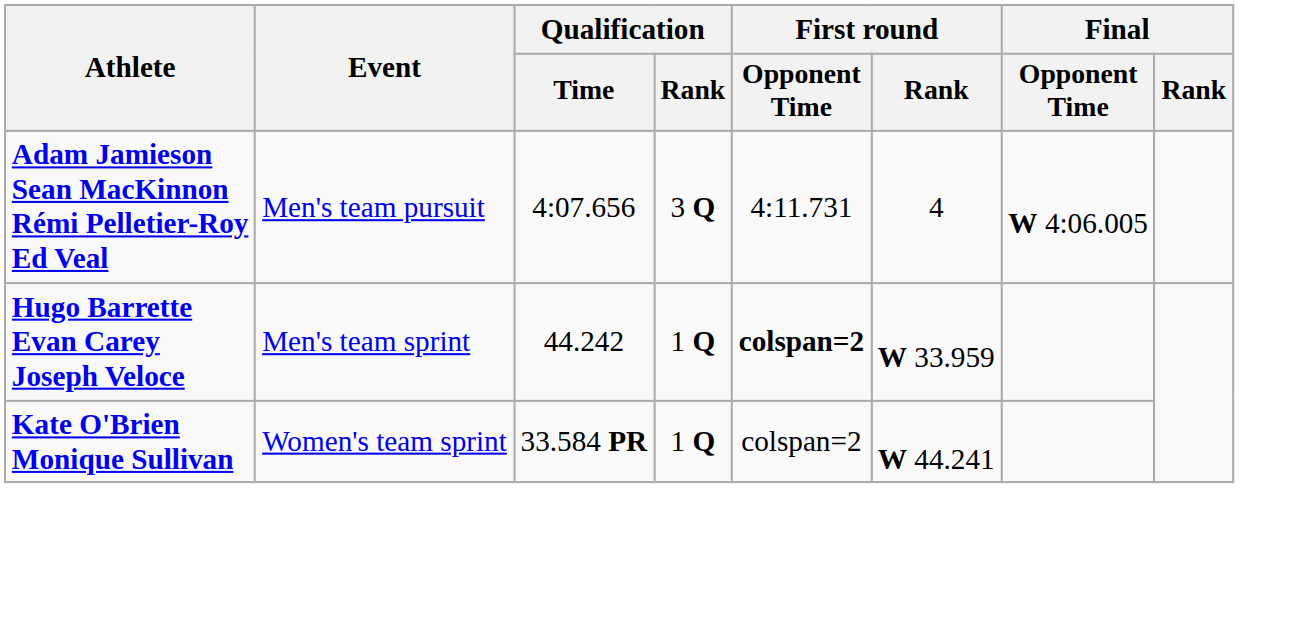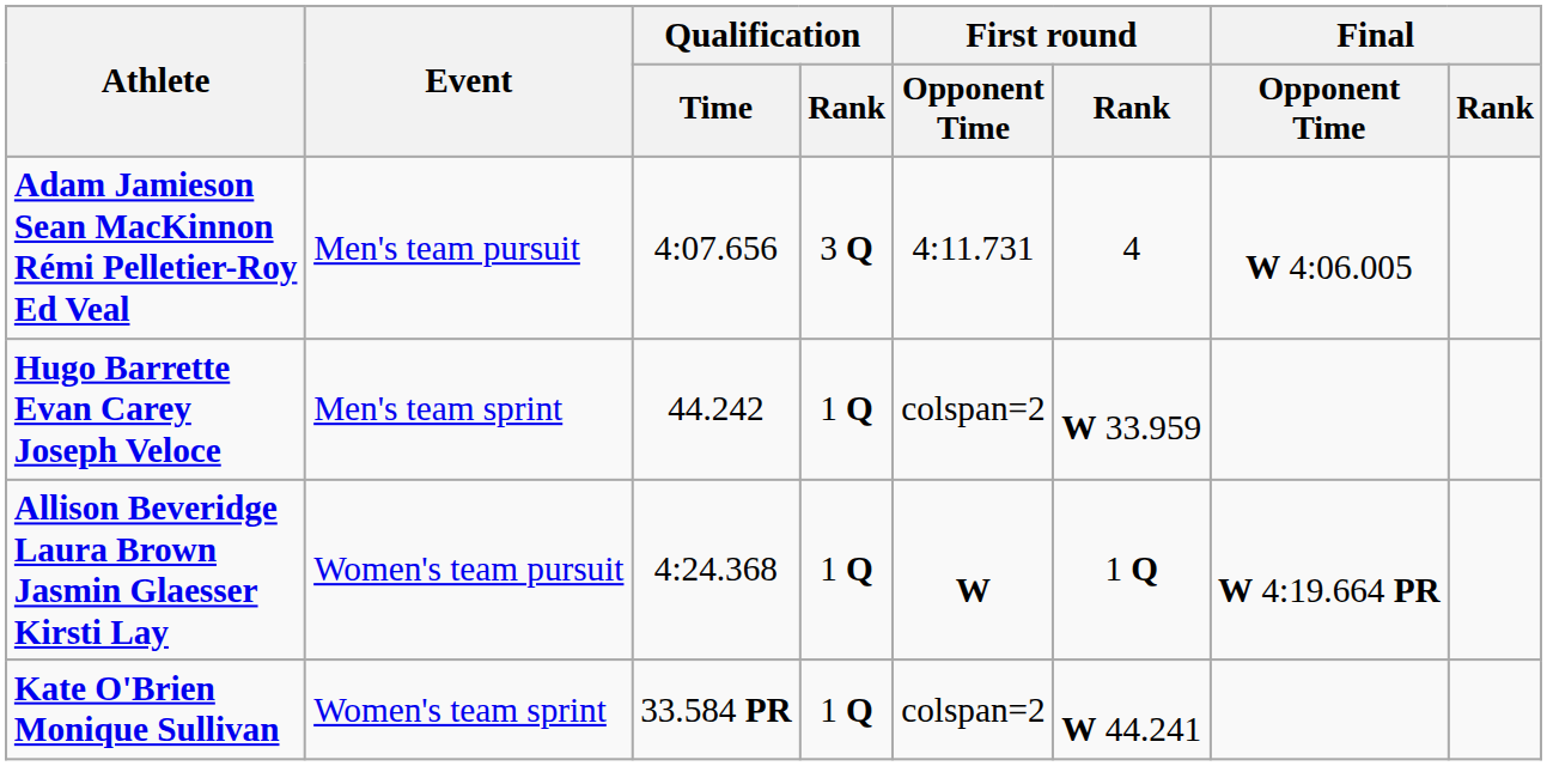 <table class="wikitable" style="font-size:90%">
 <tr>
 <th rowspan=2>Athlete</th>
 <th rowspan=2>Event</th>
 <th colspan=2>Qualification</th>
 <th colspan=2>First round</th>
 <th colspan=2>Final</th>
 </tr>
 <tr style="font-size:95%">
 <th>Time</th>
 <th>Rank</th>
 <th>Opponent<br>Time</th>
 <th>Rank</th>
 <th>Opponent<br>Time</th>
 <th>Rank</th>
 </tr>
 <tr align=center>
 <td align=left><strong><a href='#'>Adam Jamieson</a><br><a href='#'>Sean MacKinnon</a><br><a href='#'>Rémi Pelletier-Roy</a><br><a href='#'>Ed Veal</a></strong></td>
 <td align=left><a href='#'>Men's team pursuit</a></td>
 <td>4:07.656</td>
 <td>3 <strong>Q</strong></td>
 <td>4:11.731</td>
 <td>4</td>
 <td><br><strong>W</strong> 4:06.005</td>
 <td></td>
 </tr>
 <tr align=center>
 <td align=left><strong><a href='#'>Hugo Barrette</a><br><a href='#'>Evan Carey</a><br><a href='#'>Joseph Veloce</a></strong></td>
 <td align=left><a href='#'>Men's team sprint</a></td>
 <td>44.242</td>
 <td>1 <strong>Q</strong></td>
-<td><strong>colspan=2 </strong></td>
+<td>colspan=2 </td>
 <td><br><strong>W</strong> 33.959</td>
+<td></td>
+</tr>
+<tr align=center>
+<td align=left><strong><a href='#'>Allison Beveridge</a><br><a href='#'>Laura Brown</a><br><a href='#'>Jasmin Glaesser</a><br><a href='#'>Kirsti Lay</a></strong></td>
+<td align=left><a href='#'>Women's team pursuit</a></td>
+<td>4:24.368</td>
+<td>1 <strong>Q</strong></td>
+<td><br><strong>W</strong></td>
+<td>1 <strong>Q</strong></td>
+<td><br><strong>W</strong> 4:19.664 <strong>PR</strong></td>
 <td></td>
 </tr>
 <tr align=center>
 <td align=left><strong><a href='#'>Kate O'Brien</a><br><a href='#'>Monique Sullivan</a></strong></td>
 <td align=left><a href='#'>Women's team sprint</a></td>
 <td>33.584 <strong>PR</strong></td>
 <td>1 <strong>Q</strong></td>
 <td>colspan=2 </td>
 <td><br><strong>W</strong> 44.241</td>
 <td></td>
 </tr>
 </table>
